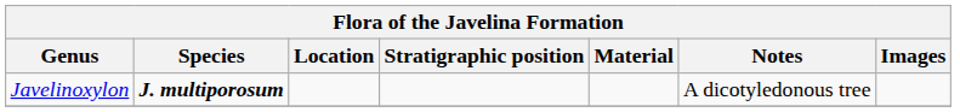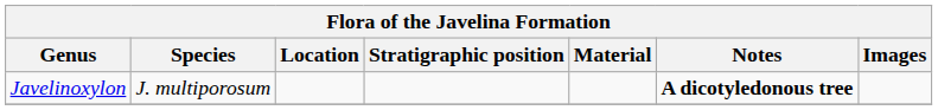 <table class="wikitable" align="center">
 <tr>
 <th colspan="7" align="center"><strong>Flora of the Javelina Formation</strong></th>
 </tr>
 <tr>
 <th>Genus</th>
 <th>Species</th>
 <th>Location</th>
 <th>Stratigraphic position</th>
 <th>Material</th>
 <th>Notes</th>
 <th>Images</th>
 </tr>
 <tr>
 <td><em><a href='#'>Javelinoxylon</a></em></td>
-<td><strong><em>J. multiporosum</em></strong></td>
+<td><em>J. multiporosum</em></td>
 <td></td>
 <td></td>
 <td></td>
-<td>A dicotyledonous tree</td>
+<td><strong>A dicotyledonous tree</strong></td>
 <td></td>
 </tr>
 <tr>
 </tr>
 </table>
